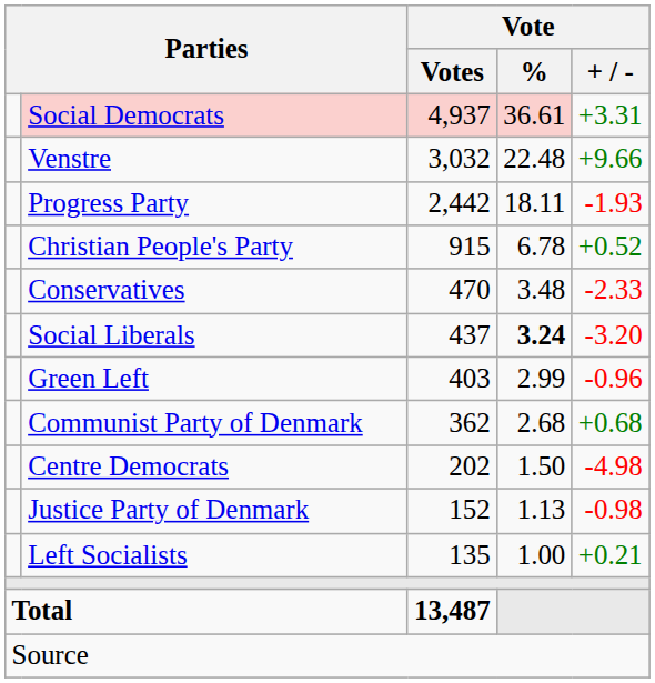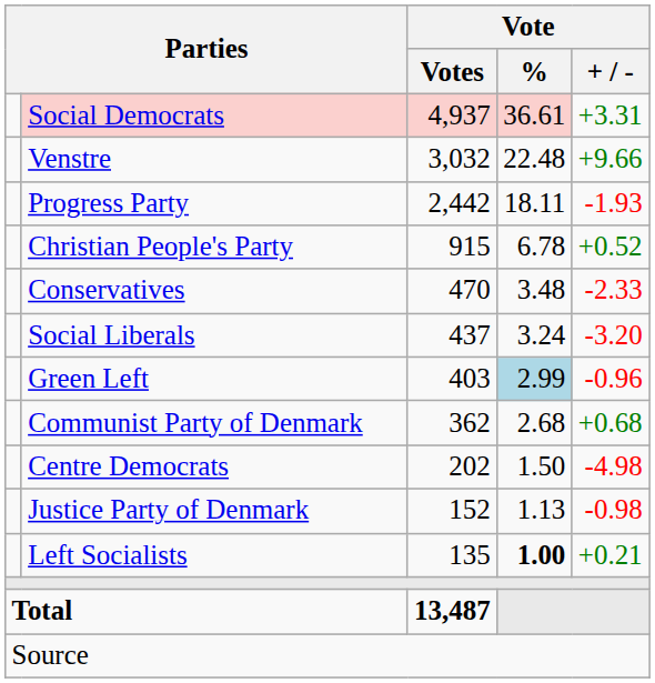 <table class="wikitable" style="text-align:right;">
 <tr>
 <th style="text-align:centre;" rowspan="2" colspan="2" width="225">Parties</th>
 <th colspan="3">Vote</th>
 </tr>
 <tr>
 <th width="15">Votes</th>
 <th width="15">%</th>
 <th width="15">+ / -</th>
 </tr>
 <tr>
 <td width="2" style="color:inherit;background:"></td>
 <td bgcolor=#fbd0ce  align="left"><a href='#'>Social Democrats</a></td>
 <td bgcolor=#fbd0ce>4,937</td>
 <td bgcolor=#fbd0ce>36.61</td>
 <td style=color:green;>+3.31</td>
 </tr>
 <tr>
 <td width="2" style="color:inherit;background:"></td>
 <td align="left"><a href='#'>Venstre</a></td>
 <td>3,032</td>
 <td>22.48</td>
 <td style=color:green;>+9.66</td>
 </tr>
 <tr>
 <td width="2" style="color:inherit;background:"></td>
 <td align="left"><a href='#'>Progress Party</a></td>
 <td>2,442</td>
 <td>18.11</td>
 <td style=color:red;>-1.93</td>
 </tr>
 <tr>
 <td width="2" style="color:inherit;background:"></td>
 <td align="left"><a href='#'>Christian People's Party</a></td>
 <td>915</td>
 <td>6.78</td>
 <td style=color:green;>+0.52</td>
 </tr>
 <tr>
 <td width="2" style="color:inherit;background:"></td>
 <td align="left"><a href='#'>Conservatives</a></td>
 <td>470</td>
 <td>3.48</td>
 <td style=color:red;>-2.33</td>
 </tr>
 <tr>
 <td width="2" style="color:inherit;background:"></td>
 <td align="left"><a href='#'>Social Liberals</a></td>
 <td>437</td>
-<td><strong>3.24</strong></td>
+<td>3.24</td>
 <td style=color:red;>-3.20</td>
 </tr>
 <tr>
 <td width="2" style="color:inherit;background:"></td>
 <td align="left"><a href='#'>Green Left</a></td>
 <td>403</td>
-<td>2.99</td>
+<td style="background: lightblue;">2.99</td>
 <td style=color:red;>-0.96</td>
 </tr>
 <tr>
 <td width="2" style="color:inherit;background:"></td>
 <td align="left"><a href='#'>Communist Party of Denmark</a></td>
 <td>362</td>
 <td>2.68</td>
 <td style=color:green;>+0.68</td>
 </tr>
 <tr>
 <td width="2" style="color:inherit;background:"></td>
 <td align="left"><a href='#'>Centre Democrats</a></td>
 <td>202</td>
 <td>1.50</td>
 <td style=color:red;>-4.98</td>
 </tr>
 <tr>
 <td width="2" style="color:inherit;background:"></td>
 <td align="left"><a href='#'>Justice Party of Denmark</a></td>
 <td>152</td>
 <td>1.13</td>
 <td style=color:red;>-0.98</td>
 </tr>
 <tr>
 <td width="2" style="color:inherit;background:"></td>
 <td align="left"><a href='#'>Left Socialists</a></td>
 <td>135</td>
-<td>1.00</td>
+<td><strong>1.00</strong></td>
 <td style=color:green;>+0.21</td>
 </tr>
 <tr>
 <td colspan="7" bgcolor="#E9E9E9"></td>
 </tr>
 <tr>
 <td align="left" colspan="2"><strong>Total</strong></td>
 <td><strong>13,487</strong></td>
 <td bgcolor="#E9E9E9" colspan="2"></td>
 </tr>
 <tr>
 <td align="left" colspan="6">Source</td>
 </tr>
 </table>
